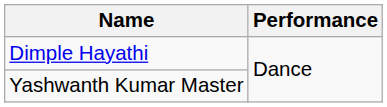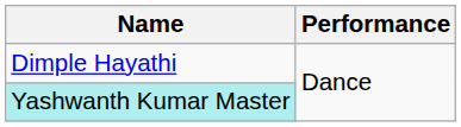 <table class="wikitable">
 <tr>
 <th>Name</th>
 <th>Performance</th>
 </tr>
 <tr>
 <td><a href='#'>Dimple Hayathi</a></td>
 <td rowspan="2">Dance</td>
 </tr>
 <tr>
-<td>Yashwanth Kumar Master</td>
+<td style="background: paleturquoise;">Yashwanth Kumar Master</td>
 </tr>
 </table>
